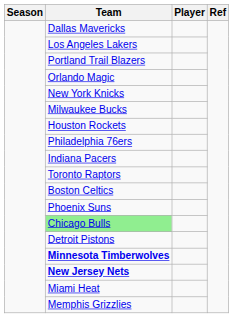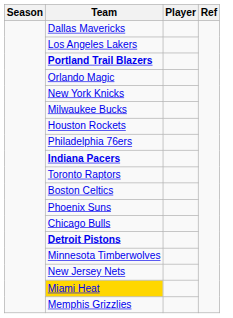 <table class="wikitable sortable">
 <tr>
 <th>Season</th>
 <th>Team</th>
 <th>Player</th>
 <th class="unsortable">Ref</th>
 </tr>
 <tr>
 <td rowspan=18></td>
 <td><a href='#'>Dallas Mavericks</a></td>
 <td></td>
 <td rowspan=18></td>
 </tr>
 <tr>
 <td><a href='#'>Los Angeles Lakers</a></td>
 <td></td>
 </tr>
 <tr>
-<td><a href='#'>Portland Trail Blazers</a></td>
+<td><strong><a href='#'>Portland Trail Blazers</a></strong></td>
 <td></td>
 </tr>
 <tr>
 <td><a href='#'>Orlando Magic</a></td>
 <td></td>
 </tr>
 <tr>
 <td><a href='#'>New York Knicks</a></td>
 <td></td>
 </tr>
 <tr>
 <td><a href='#'>Milwaukee Bucks</a></td>
 <td></td>
 </tr>
 <tr>
 <td><a href='#'>Houston Rockets</a></td>
 <td></td>
 </tr>
 <tr>
 <td><a href='#'>Philadelphia 76ers</a></td>
 <td></td>
 </tr>
 <tr>
-<td><a href='#'>Indiana Pacers</a></td>
+<td><strong><a href='#'>Indiana Pacers</a></strong></td>
 <td></td>
 </tr>
 <tr>
 <td><a href='#'>Toronto Raptors</a></td>
 <td></td>
 </tr>
 <tr>
 <td><a href='#'>Boston Celtics</a></td>
 <td></td>
 </tr>
 <tr>
 <td><a href='#'>Phoenix Suns</a></td>
 <td></td>
 </tr>
 <tr>
-<td style="background: lightgreen;"><a href='#'>Chicago Bulls</a></td>
+<td><a href='#'>Chicago Bulls</a></td>
 <td></td>
 </tr>
 <tr>
-<td><a href='#'>Detroit Pistons</a></td>
+<td><strong><a href='#'>Detroit Pistons</a></strong></td>
 <td></td>
 </tr>
 <tr>
-<td><strong><a href='#'>Minnesota Timberwolves</a></strong></td>
+<td><a href='#'>Minnesota Timberwolves</a></td>
 <td></td>
 </tr>
 <tr>
-<td><strong><a href='#'>New Jersey Nets</a></strong></td>
+<td><a href='#'>New Jersey Nets</a></td>
 <td></td>
 </tr>
 <tr>
-<td><a href='#'>Miami Heat</a></td>
+<td style="background: gold;"><a href='#'>Miami Heat</a></td>
 <td></td>
 </tr>
 <tr>
 <td><a href='#'>Memphis Grizzlies</a></td>
 <td></td>
 </tr>
 </table>
